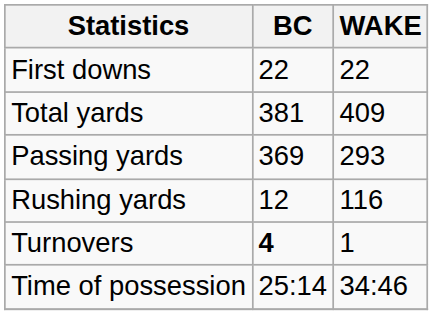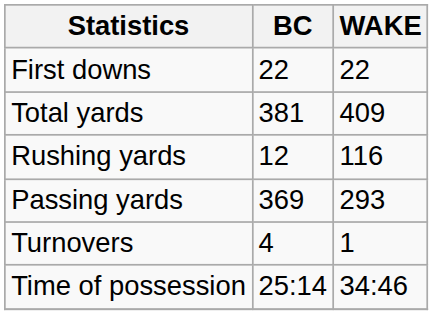 <table class="wikitable">
 <tr>
 <th>Statistics</th>
 <th>BC</th>
 <th>WAKE</th>
 </tr>
 <tr>
 <td>First downs</td>
 <td>22</td>
 <td>22</td>
 </tr>
 <tr>
 <td>Total yards</td>
 <td>381</td>
 <td>409</td>
 </tr>
 <tr>
+<td>Rushing yards</td>
+<td>12</td>
+<td>116</td>
+</tr>
+<tr>
 <td>Passing yards</td>
 <td>369</td>
 <td>293</td>
 </tr>
 <tr>
-<td>Rushing yards</td>
-<td>12</td>
-<td>116</td>
-</tr>
-<tr>
 <td>Turnovers</td>
-<td><strong>4</strong></td>
+<td>4</td>
 <td>1</td>
 </tr>
 <tr>
 <td>Time of possession</td>
 <td>25:14</td>
 <td>34:46</td>
 </tr>
 <tr>
 </tr>
 </table>
